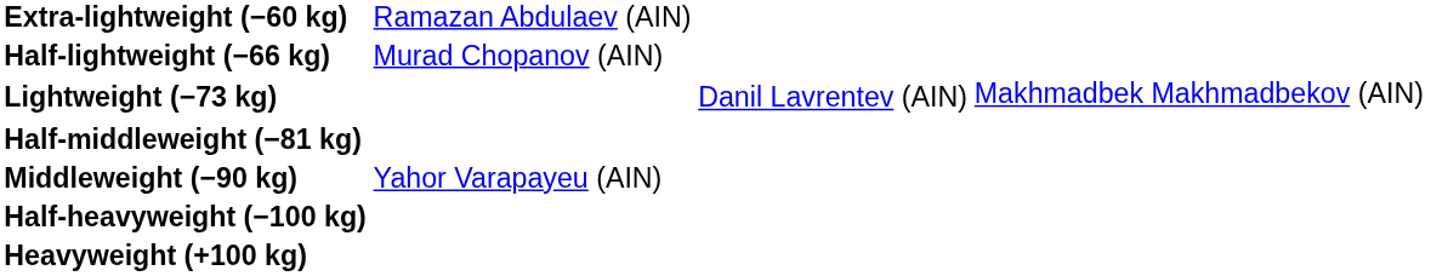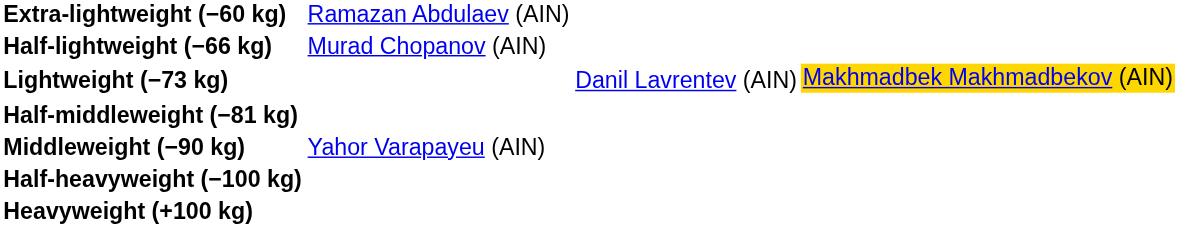 <table>
 <tr>
 <th rowspan=2 style="text-align:left;">Extra-lightweight (−60 kg)</th>
 <td rowspan=2> <a href='#'>Ramazan Abdulaev</a> <span>(<abbr>AIN</abbr>)</span></td>
 <td rowspan=2></td>
 <td></td>
 </tr>
 <tr>
 <td></td>
 </tr>
 <tr>
 <th rowspan=2 style="text-align:left;">Half-lightweight (−66 kg)</th>
 <td rowspan=2> <a href='#'>Murad Chopanov</a> <span>(<abbr>AIN</abbr>)</span></td>
 <td rowspan=2></td>
 <td></td>
 </tr>
 <tr>
 <td></td>
 </tr>
 <tr>
 <th rowspan=2 style="text-align:left;">Lightweight (−73 kg)</th>
 <td rowspan=2></td>
 <td rowspan=2> <a href='#'>Danil Lavrentev</a> <span>(<abbr>AIN</abbr>)</span></td>
-<td> <a href='#'>Makhmadbek Makhmadbekov</a> <span>(<abbr>AIN</abbr>)</span></td>
+<td style="background: gold;"> <a href='#'>Makhmadbek Makhmadbekov</a> <span>(<abbr>AIN</abbr>)</span></td>
 </tr>
 <tr>
 <td></td>
 </tr>
 <tr>
 <th rowspan=2 style="text-align:left;">Half-middleweight (−81 kg)</th>
 <td rowspan=2></td>
 <td rowspan=2></td>
 <td></td>
 </tr>
 <tr>
 <td></td>
 </tr>
 <tr>
 <th rowspan=2 style="text-align:left;">Middleweight (−90 kg)</th>
 <td rowspan=2> <a href='#'>Yahor Varapayeu</a> <span>(<abbr>AIN</abbr>)</span></td>
 <td rowspan=2></td>
 <td></td>
 </tr>
 <tr>
 <td></td>
 </tr>
 <tr>
 <th rowspan=2 style="text-align:left;">Half-heavyweight (−100 kg)</th>
 <td rowspan=2></td>
 <td rowspan=2></td>
 <td></td>
 </tr>
 <tr>
 <td></td>
 </tr>
 <tr>
 <th rowspan=2 style="text-align:left;">Heavyweight (+100 kg)</th>
 <td rowspan=2></td>
 <td rowspan=2></td>
 <td></td>
 </tr>
 <tr>
 <td></td>
 </tr>
 </table>
